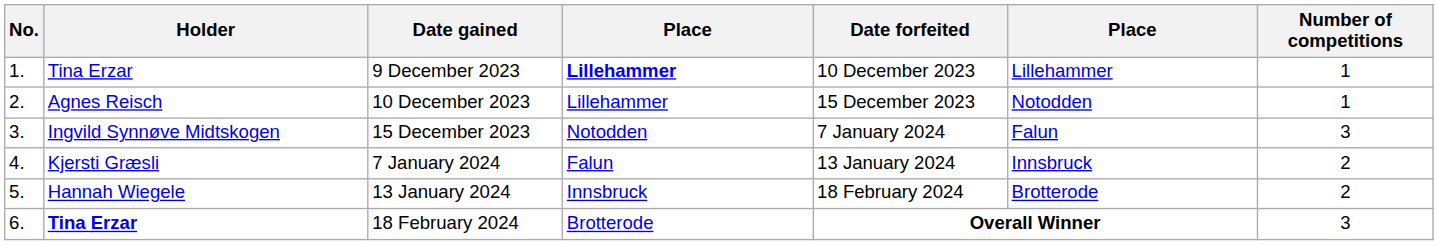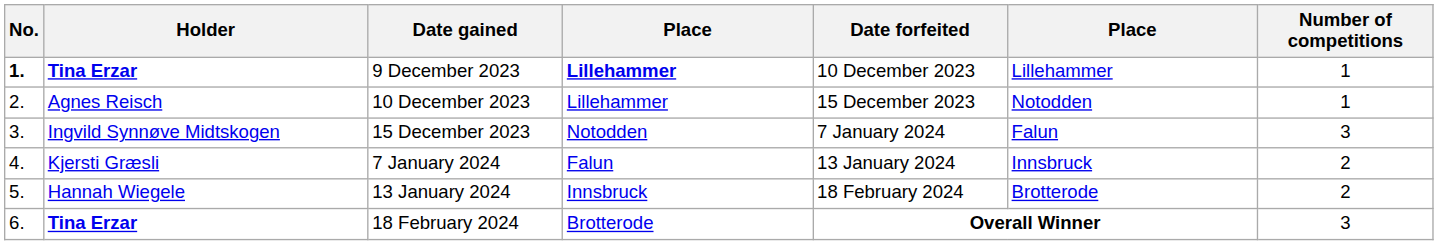 <table class="wikitable plainrowheaders" style="background:#fff; font-size:86%; line-height:16px; border:grey solid 1px; border-collapse:collapse;">
 <tr>
 <th style="width:1em;">No.</th>
 <th style="width:17em;">Holder</th>
 <th style="width:10em;">Date gained</th>
 <th style="width:13em;">Place</th>
 <th style="width:10em;">Date forfeited</th>
 <th style="width:13em;">Place</th>
 <th style="width:9em;">Number of competitions</th>
 </tr>
 <tr>
-<td>1.</td>
-<td> <a href='#'>Tina Erzar</a></td>
+<td><strong>1.</strong></td>
+<td><strong> <a href='#'>Tina Erzar</a></strong></td>
 <td>9 December 2023</td>
 <td><strong> <a href='#'>Lillehammer</a></strong></td>
 <td>10 December 2023</td>
 <td> <a href='#'>Lillehammer</a></td>
 <td align=center>1</td>
 </tr>
 <tr>
 <td>2.</td>
 <td> <a href='#'>Agnes Reisch</a></td>
 <td>10 December 2023</td>
 <td> <a href='#'>Lillehammer</a></td>
 <td>15 December 2023</td>
 <td> <a href='#'>Notodden</a></td>
 <td align=center>1</td>
 </tr>
 <tr>
 <td>3.</td>
 <td> <a href='#'>Ingvild Synnøve Midtskogen</a></td>
 <td>15 December 2023</td>
 <td> <a href='#'>Notodden</a></td>
 <td>7 January 2024</td>
 <td> <a href='#'>Falun</a></td>
 <td align=center>3</td>
 </tr>
 <tr>
 <td>4.</td>
 <td> <a href='#'>Kjersti Græsli</a></td>
 <td>7 January 2024</td>
 <td> <a href='#'>Falun</a></td>
 <td>13 January 2024</td>
 <td> <a href='#'>Innsbruck</a></td>
 <td align=center>2</td>
 </tr>
 <tr>
 <td>5.</td>
 <td> <a href='#'>Hannah Wiegele</a></td>
 <td>13 January 2024</td>
 <td> <a href='#'>Innsbruck</a></td>
 <td>18 February 2024</td>
 <td> <a href='#'>Brotterode</a></td>
 <td align=center>2</td>
 </tr>
 <tr>
 <td>6.</td>
 <td> <strong><a href='#'>Tina Erzar</a></strong></td>
 <td>18 February 2024</td>
 <td> <a href='#'>Brotterode</a></td>
 <td align=center colspan=2><strong>Overall Winner</strong></td>
 <td align=center>3</td>
 </tr>
 </table>
